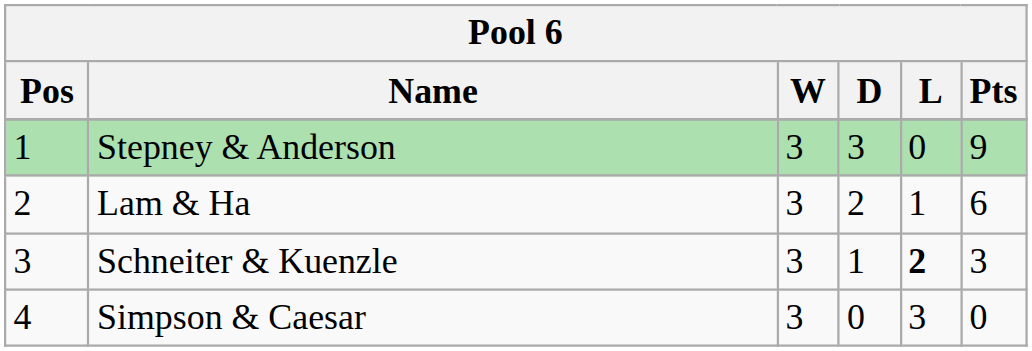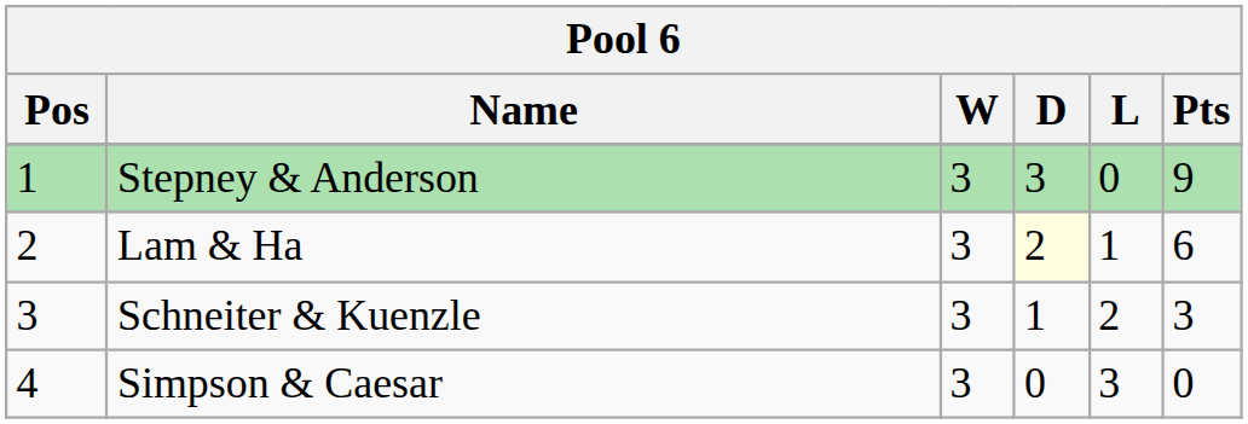 <table class="wikitable">
 <tr>
 <th colspan="6">Pool 6</th>
 </tr>
 <tr>
 <th width=30>Pos</th>
 <th width=300>Name</th>
 <th width=20>W</th>
 <th width=20>D</th>
 <th width=20>L</th>
 <th width=20>Pts</th>
 </tr>
 <tr>
 </tr>
 <tr style="background:#ACE1AF;">
 <td>1</td>
 <td> Stepney & Anderson</td>
 <td>3</td>
 <td>3</td>
 <td>0</td>
 <td>9</td>
 </tr>
 <tr>
 <td>2</td>
 <td> Lam & Ha</td>
 <td>3</td>
-<td>2</td>
+<td style="background: lightyellow;">2</td>
 <td>1</td>
 <td>6</td>
 </tr>
 <tr>
 <td>3</td>
 <td> Schneiter & Kuenzle</td>
 <td>3</td>
 <td>1</td>
-<td><strong>2</strong></td>
+<td>2</td>
 <td>3</td>
 </tr>
 <tr>
 <td>4</td>
 <td> Simpson & Caesar</td>
 <td>3</td>
 <td>0</td>
 <td>3</td>
 <td>0</td>
 </tr>
 </table>
